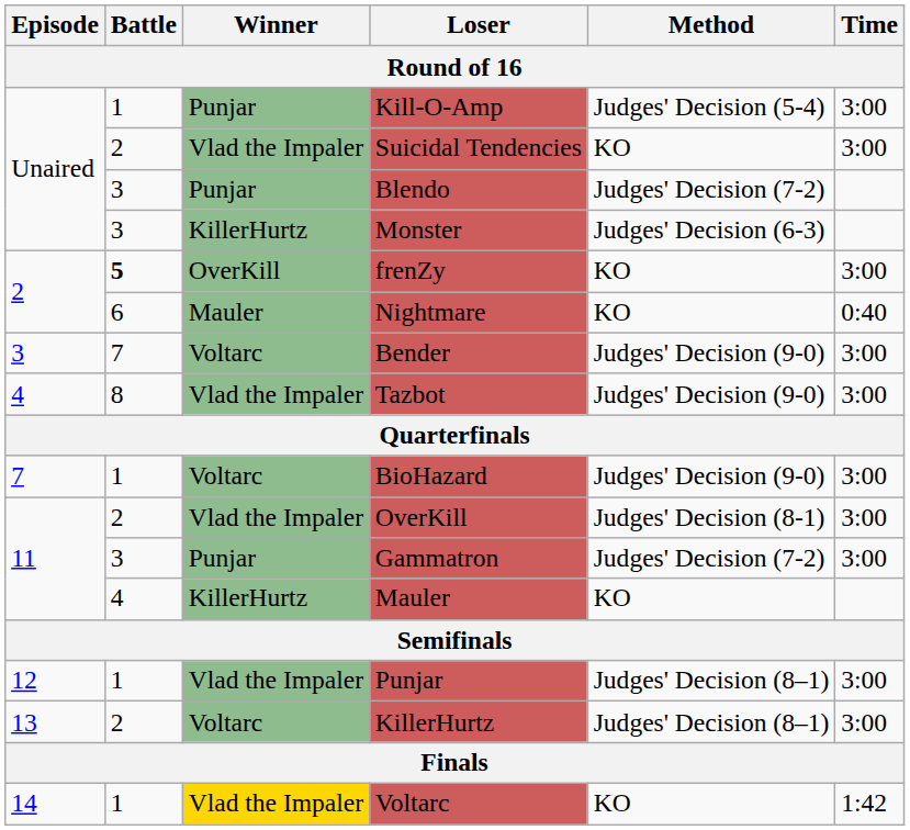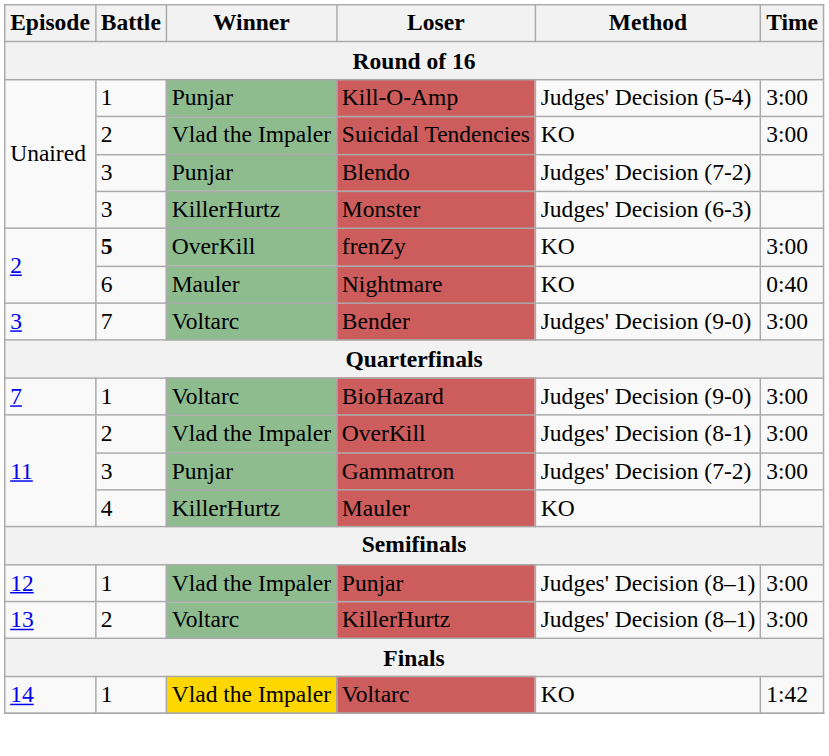 <table class="wikitable">
 <tr>
 <th>Episode</th>
 <th>Battle</th>
 <th>Winner</th>
 <th>Loser</th>
 <th>Method</th>
 <th>Time</th>
 </tr>
 <tr>
 <th colspan="6">Round of 16</th>
 </tr>
 <tr>
 <td rowspan="4">Unaired</td>
 <td>1</td>
 <td style="background:DarkSeaGreen;">Punjar</td>
 <td style="background:IndianRed;">Kill-O-Amp</td>
 <td>Judges' Decision (5-4)</td>
 <td>3:00</td>
 </tr>
 <tr>
 <td>2</td>
 <td style="background:DarkSeaGreen;">Vlad the Impaler</td>
 <td style="background:IndianRed;">Suicidal Tendencies</td>
 <td>KO</td>
 <td>3:00</td>
 </tr>
 <tr>
 <td>3</td>
 <td style="background:DarkSeaGreen;">Punjar</td>
 <td style="background:IndianRed;">Blendo</td>
 <td>Judges' Decision (7-2)</td>
 <td></td>
 </tr>
 <tr>
 <td>3</td>
 <td style="background:DarkSeaGreen;">KillerHurtz</td>
 <td style="background:IndianRed;">Monster</td>
 <td>Judges' Decision (6-3)</td>
 <td></td>
 </tr>
 <tr>
 <td rowspan="2"><a href='#'>2</a></td>
 <td><strong>5</strong></td>
 <td style="background:DarkSeaGreen;">OverKill</td>
 <td style="background:IndianRed;">frenZy</td>
 <td>KO</td>
 <td>3:00</td>
 </tr>
 <tr>
 <td>6</td>
 <td style="background:DarkSeaGreen;">Mauler</td>
 <td style="background:IndianRed;">Nightmare</td>
 <td>KO</td>
 <td>0:40</td>
 </tr>
 <tr>
 <td><a href='#'>3</a></td>
 <td>7</td>
 <td style="background:DarkSeaGreen;">Voltarc</td>
 <td style="background:IndianRed;">Bender</td>
-<td>Judges' Decision (9-0)</td>
-<td>3:00</td>
-</tr>
-<tr>
-<td><a href='#'>4</a></td>
-<td>8</td>
-<td style="background:DarkSeaGreen;">Vlad the Impaler</td>
-<td style="background:IndianRed;">Tazbot</td>
 <td>Judges' Decision (9-0)</td>
 <td>3:00</td>
 </tr>
 <tr>
 <th colspan="6">Quarterfinals</th>
 </tr>
 <tr>
 <td><a href='#'>7</a></td>
 <td>1</td>
 <td style="background:DarkSeaGreen;">Voltarc</td>
 <td style="background:IndianRed;">BioHazard</td>
 <td>Judges' Decision (9-0)</td>
 <td>3:00</td>
 </tr>
 <tr>
 <td rowspan="3"><a href='#'>11</a></td>
 <td>2</td>
 <td style="background:DarkSeaGreen;">Vlad the Impaler</td>
 <td style="background:IndianRed;">OverKill</td>
 <td>Judges' Decision (8-1)</td>
 <td>3:00</td>
 </tr>
 <tr>
 <td>3</td>
 <td style="background:DarkSeaGreen;">Punjar</td>
 <td style="background:IndianRed;">Gammatron</td>
 <td>Judges' Decision (7-2)</td>
 <td>3:00</td>
 </tr>
 <tr>
 <td>4</td>
 <td style="background:DarkSeaGreen;">KillerHurtz</td>
 <td style="background:IndianRed;">Mauler</td>
 <td>KO</td>
 <td></td>
 </tr>
 <tr>
 <th colspan="6">Semifinals</th>
 </tr>
 <tr>
 <td><a href='#'>12</a></td>
 <td>1</td>
 <td style="background:DarkSeaGreen;">Vlad the Impaler</td>
 <td style="background:IndianRed;">Punjar</td>
 <td>Judges' Decision (8–1)</td>
 <td>3:00</td>
 </tr>
 <tr>
 <td><a href='#'>13</a></td>
 <td>2</td>
 <td style="background:DarkSeaGreen;">Voltarc</td>
 <td style="background:IndianRed;">KillerHurtz</td>
 <td>Judges' Decision (8–1)</td>
 <td>3:00</td>
 </tr>
 <tr>
 <th colspan="6">Finals</th>
 </tr>
 <tr>
 <td><a href='#'>14</a></td>
 <td>1</td>
 <td style="background:Gold;">Vlad the Impaler</td>
 <td style="background:IndianRed;">Voltarc</td>
 <td>KO</td>
 <td>1:42</td>
 </tr>
 <tr>
 </tr>
 </table>
